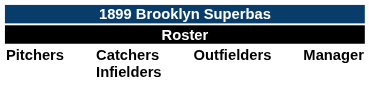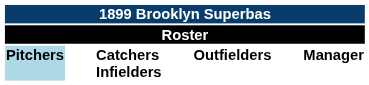 <table class="toccolours" style="font-size: 95%;">
 <tr>
 <th colspan="10" style="background-color: #083c6b; color: white; text-align: center;">1899 Brooklyn Superbas</th>
 </tr>
 <tr>
 <td colspan="10" style="background-color: black; color: white; text-align: center;"><strong>Roster</strong></td>
 </tr>
 <tr>
-<td valign="top"><strong>Pitchers</strong><br>          </td>
+<td valign="top" style="background: lightblue;"><strong>Pitchers</strong><br>          </td>
 <td width="25px"></td>
 <td valign="top"><strong>Catchers</strong><br>    <strong>Infielders</strong>         </td>
 <td width="25px"></td>
 <td valign="top"><strong>Outfielders</strong><br>   </td>
 <td width="25px"></td>
 <td valign="top"><strong>Manager</strong><br></td>
 </tr>
 </table>
